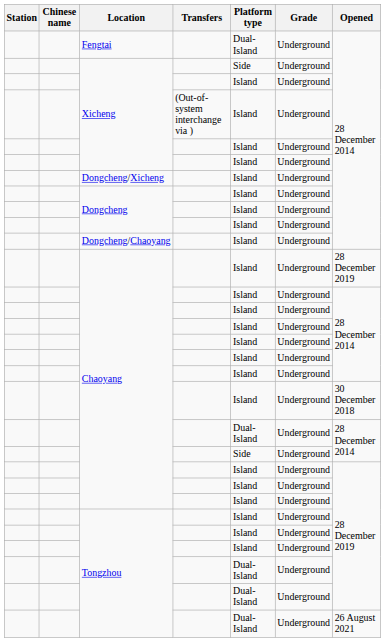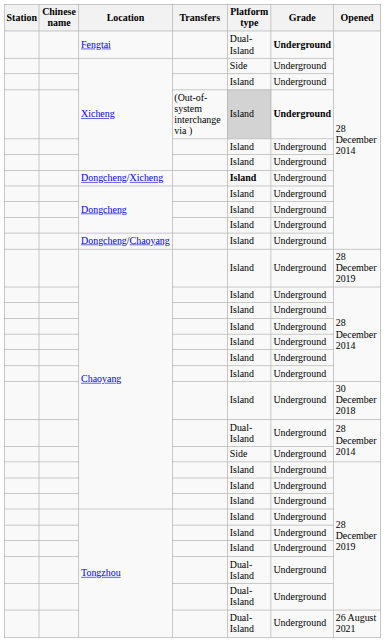 <table class=wikitable>
 <tr>
 <th>Station</th>
 <th>Chinese name</th>
 <th>Location</th>
 <th>Transfers</th>
 <th>Platform type</th>
 <th>Grade</th>
 <th>Opened</th>
 </tr>
 <tr>
 <td></td>
 <td><span></span></td>
 <td><a href='#'>Fengtai</a></td>
 <td> <br></td>
 <td>Dual-Island</td>
-<td>Underground</td>
+<td><strong>Underground</strong></td>
 <td rowspan=11>28 December 2014</td>
 </tr>
 <tr>
 <td></td>
 <td><span></span></td>
 <td rowspan=5><a href='#'>Xicheng</a></td>
 <td></td>
 <td>Side</td>
 <td>Underground</td>
 </tr>
 <tr>
 <td></td>
 <td><span></span></td>
 <td></td>
 <td>Island</td>
 <td>Underground</td>
 </tr>
 <tr>
 <td></td>
 <td><span></span></td>
 <td> (Out-of-system interchange via )</td>
-<td>Island</td>
-<td>Underground</td>
+<td style="background: lightgrey;">Island</td>
+<td><strong>Underground</strong></td>
 </tr>
 <tr>
 <td></td>
 <td><span></span></td>
 <td></td>
 <td>Island</td>
 <td>Underground</td>
 </tr>
 <tr>
 <td></td>
 <td><span></span></td>
 <td></td>
 <td>Island</td>
 <td>Underground</td>
 </tr>
 <tr>
 <td></td>
 <td><span></span></td>
 <td><a href='#'>Dongcheng</a>/<a href='#'>Xicheng</a></td>
 <td></td>
-<td>Island</td>
+<td><strong>Island</strong></td>
 <td>Underground</td>
 </tr>
 <tr>
 <td></td>
 <td><span></span></td>
 <td rowspan=3><a href='#'>Dongcheng</a></td>
 <td></td>
 <td>Island</td>
 <td>Underground</td>
 </tr>
 <tr>
 <td></td>
 <td><span></span></td>
 <td></td>
 <td>Island</td>
 <td>Underground</td>
 </tr>
 <tr>
 <td></td>
 <td><span></span></td>
 <td></td>
 <td>Island</td>
 <td>Underground</td>
 </tr>
 <tr>
 <td></td>
 <td><span></span></td>
 <td><a href='#'>Dongcheng</a>/<a href='#'>Chaoyang</a></td>
 <td></td>
 <td>Island</td>
 <td>Underground</td>
 </tr>
 <tr>
 <td></td>
 <td><span></span></td>
 <td rowspan=13><a href='#'>Chaoyang</a></td>
 <td></td>
 <td>Island</td>
 <td>Underground</td>
 <td>28 December 2019</td>
 </tr>
 <tr>
 <td></td>
 <td><span></span></td>
 <td></td>
 <td>Island</td>
 <td>Underground</td>
 <td rowspan=6>28 December 2014</td>
 </tr>
 <tr>
 <td></td>
 <td><span></span></td>
 <td></td>
 <td>Island</td>
 <td>Underground</td>
 </tr>
 <tr>
 <td></td>
 <td><span></span></td>
 <td></td>
 <td>Island</td>
 <td>Underground</td>
 </tr>
 <tr>
 <td></td>
 <td><span></span></td>
 <td></td>
 <td>Island</td>
 <td>Underground</td>
 </tr>
 <tr>
 <td></td>
 <td><span></span></td>
 <td></td>
 <td>Island</td>
 <td>Underground</td>
 </tr>
 <tr>
 <td></td>
 <td><span></span></td>
 <td></td>
 <td>Island</td>
 <td>Underground</td>
 </tr>
 <tr>
 <td></td>
 <td><span></span></td>
 <td></td>
 <td>Island</td>
 <td>Underground</td>
 <td>30 December 2018</td>
 </tr>
 <tr>
 <td></td>
 <td><span></span></td>
 <td></td>
 <td>Dual-Island</td>
 <td>Underground</td>
 <td rowspan=2>28 December 2014</td>
 </tr>
 <tr>
 <td></td>
 <td><span></span></td>
 <td></td>
 <td>Side</td>
 <td>Underground</td>
 </tr>
 <tr>
 <td></td>
 <td><span></span></td>
 <td></td>
 <td>Island</td>
 <td>Underground</td>
 <td rowspan=8>28 December 2019</td>
 </tr>
 <tr>
 <td></td>
 <td><span></span></td>
 <td></td>
 <td>Island</td>
 <td>Underground</td>
 </tr>
 <tr>
 <td></td>
 <td><span></span></td>
 <td></td>
 <td>Island</td>
 <td>Underground</td>
 </tr>
 <tr>
 <td></td>
 <td><span></span></td>
 <td rowspan=6><a href='#'>Tongzhou</a></td>
 <td></td>
 <td>Island</td>
 <td>Underground</td>
 </tr>
 <tr>
 <td></td>
 <td><span></span></td>
 <td></td>
 <td>Island</td>
 <td>Underground</td>
 </tr>
 <tr>
 <td></td>
 <td><span></span></td>
 <td></td>
 <td>Island</td>
 <td>Underground</td>
 </tr>
 <tr>
 <td></td>
 <td><span></span></td>
 <td></td>
 <td>Dual-Island</td>
 <td>Underground</td>
 </tr>
 <tr>
 <td></td>
 <td><span></span></td>
 <td></td>
 <td>Dual-Island</td>
 <td>Underground</td>
 </tr>
 <tr>
 <td></td>
 <td><span></span></td>
 <td></td>
 <td>Dual-Island</td>
 <td>Underground</td>
 <td>26 August 2021</td>
 </tr>
 </table>
